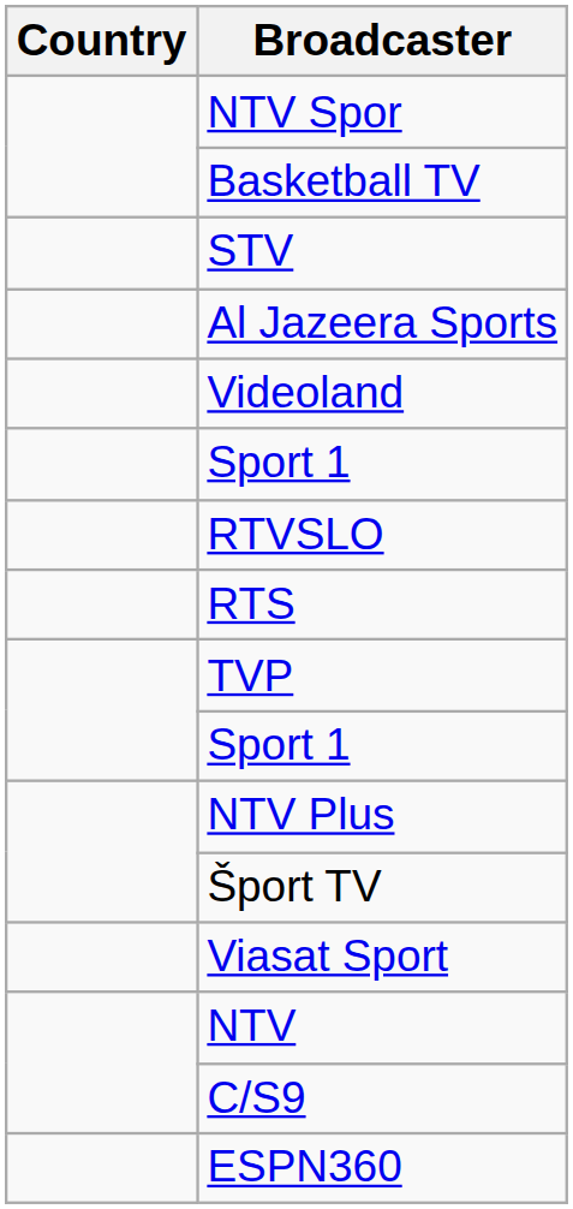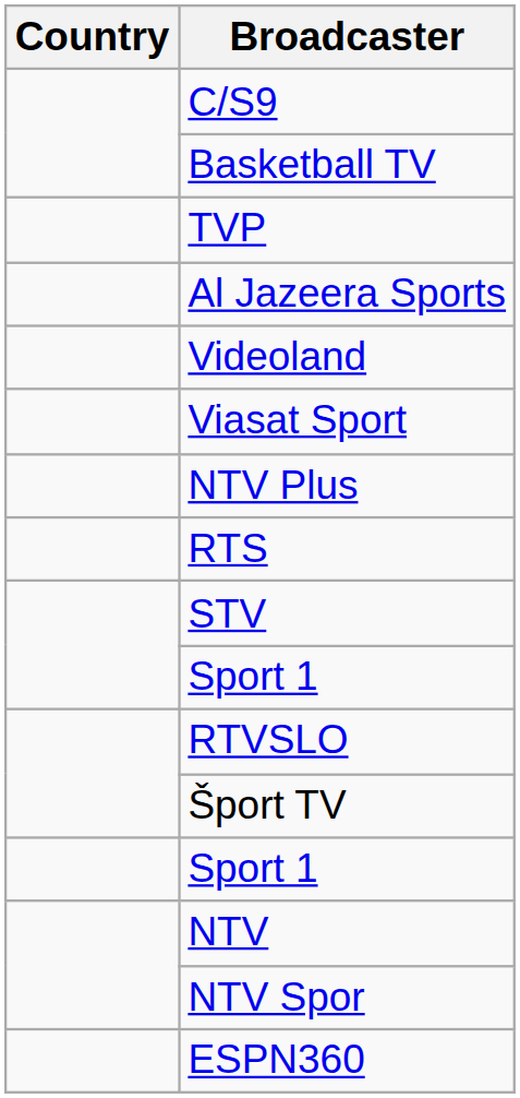 <table class="wikitable">
 <tr>
 <th align=center>Country</th>
 <th align=center>Broadcaster</th>
 </tr>
 <tr>
 <td align=left rowspan="2"></td>
-<td><a href='#'>NTV Spor</a></td>
+<td><a href='#'>C/S9</a></td>
 </tr>
 <tr>
 <td><a href='#'>Basketball TV</a></td>
 </tr>
 <tr>
 <td align=left></td>
-<td><a href='#'>STV</a></td>
+<td><a href='#'>TVP</a></td>
 </tr>
 <tr>
 <td align=left></td>
 <td><a href='#'>Al Jazeera Sports</a></td>
 </tr>
 <tr>
 <td align=left></td>
 <td><a href='#'>Videoland</a></td>
 </tr>
 <tr>
 <td align=left></td>
-<td><a href='#'>Sport 1</a></td>
+<td><a href='#'>Viasat Sport</a></td>
 </tr>
 <tr>
 <td align=left></td>
-<td><a href='#'>RTVSLO</a></td>
+<td><a href='#'>NTV Plus</a></td>
 </tr>
 <tr>
 <td align=left></td>
 <td><a href='#'>RTS</a></td>
 </tr>
 <tr>
 <td align=left rowspan="2"></td>
-<td><a href='#'>TVP</a></td>
+<td><a href='#'>STV</a></td>
 </tr>
 <tr>
 <td><a href='#'>Sport 1</a></td>
 </tr>
 <tr>
 <td align=left rowspan="2"></td>
-<td><a href='#'>NTV Plus</a></td>
+<td><a href='#'>RTVSLO</a></td>
 </tr>
 <tr>
 <td>Šport TV</td>
 </tr>
 <tr>
 <td align=left></td>
-<td><a href='#'>Viasat Sport</a></td>
+<td><a href='#'>Sport 1</a></td>
 </tr>
 <tr>
 <td align=left rowspan="2"></td>
 <td><a href='#'>NTV</a></td>
 </tr>
 <tr>
-<td><a href='#'>C/S9</a></td>
+<td><a href='#'>NTV Spor</a></td>
 </tr>
 <tr>
 <td align=left></td>
 <td><a href='#'>ESPN360</a></td>
 </tr>
 </table>
